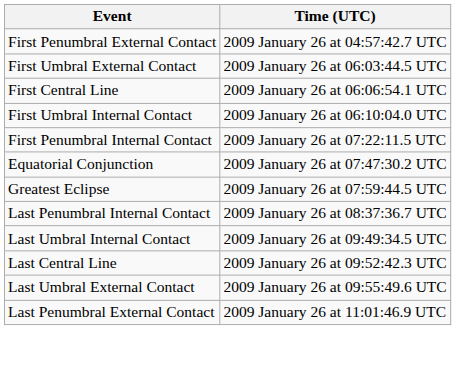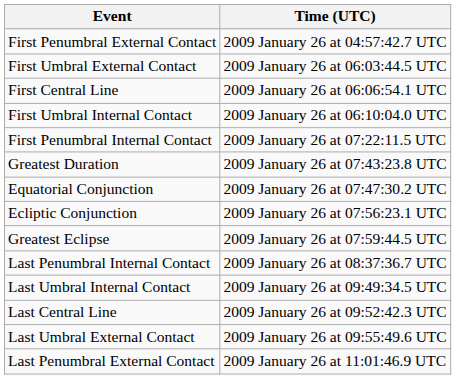 <table class="wikitable">
 <tr>
 <th>Event</th>
 <th>Time (UTC)</th>
 </tr>
 <tr>
 <td>First Penumbral External Contact</td>
 <td>2009 January 26 at 04:57:42.7 UTC</td>
 </tr>
 <tr>
 <td>First Umbral External Contact</td>
 <td>2009 January 26 at 06:03:44.5 UTC</td>
 </tr>
 <tr>
 <td>First Central Line</td>
 <td>2009 January 26 at 06:06:54.1 UTC</td>
 </tr>
 <tr>
 <td>First Umbral Internal Contact</td>
 <td>2009 January 26 at 06:10:04.0 UTC</td>
 </tr>
 <tr>
 <td>First Penumbral Internal Contact</td>
 <td>2009 January 26 at 07:22:11.5 UTC</td>
 </tr>
 <tr>
+<td>Greatest Duration</td>
+<td>2009 January 26 at 07:43:23.8 UTC</td>
+</tr>
+<tr>
 <td>Equatorial Conjunction</td>
 <td>2009 January 26 at 07:47:30.2 UTC</td>
+</tr>
+<tr>
+<td>Ecliptic Conjunction</td>
+<td>2009 January 26 at 07:56:23.1 UTC</td>
 </tr>
 <tr>
 <td>Greatest Eclipse</td>
 <td>2009 January 26 at 07:59:44.5 UTC</td>
 </tr>
 <tr>
 <td>Last Penumbral Internal Contact</td>
 <td>2009 January 26 at 08:37:36.7 UTC</td>
 </tr>
 <tr>
 <td>Last Umbral Internal Contact</td>
 <td>2009 January 26 at 09:49:34.5 UTC</td>
 </tr>
 <tr>
 <td>Last Central Line</td>
 <td>2009 January 26 at 09:52:42.3 UTC</td>
 </tr>
 <tr>
 <td>Last Umbral External Contact</td>
 <td>2009 January 26 at 09:55:49.6 UTC</td>
 </tr>
 <tr>
 <td>Last Penumbral External Contact</td>
 <td>2009 January 26 at 11:01:46.9 UTC</td>
 </tr>
 </table>
